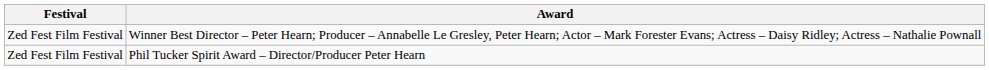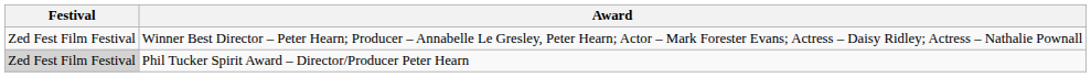 <table class="wikitable" border="1">
 <tr>
 <th>Festival</th>
 <th>Award</th>
 </tr>
 <tr>
 <td>Zed Fest Film Festival</td>
 <td>Winner Best Director – Peter Hearn; Producer – Annabelle Le Gresley, Peter Hearn; Actor – Mark Forester Evans; Actress – Daisy Ridley; Actress – Nathalie Pownall</td>
 </tr>
 <tr>
-<td>Zed Fest Film Festival</td>
+<td style="background: lightgrey;">Zed Fest Film Festival</td>
 <td>Phil Tucker Spirit Award – Director/Producer Peter Hearn</td>
 </tr>
 </table>
